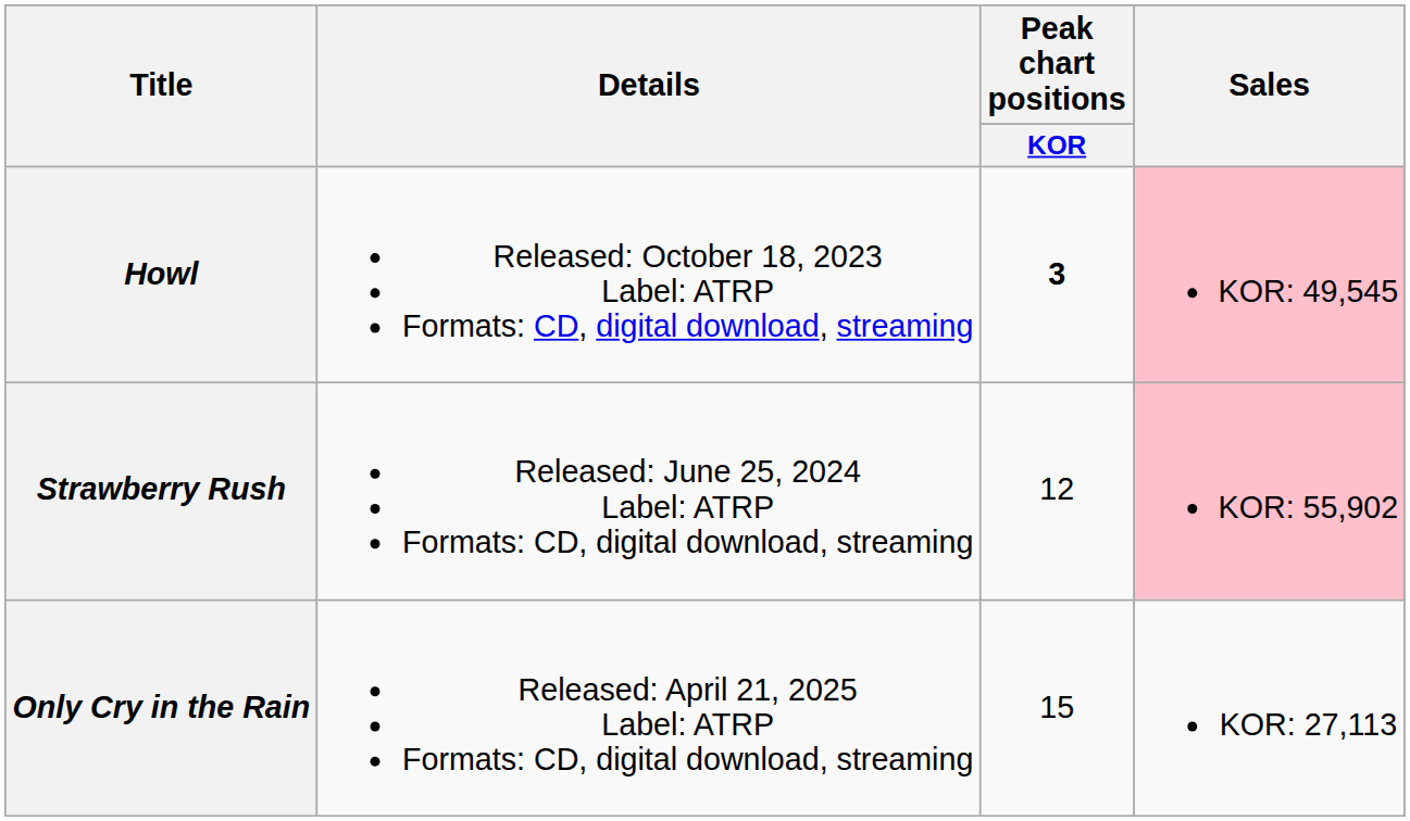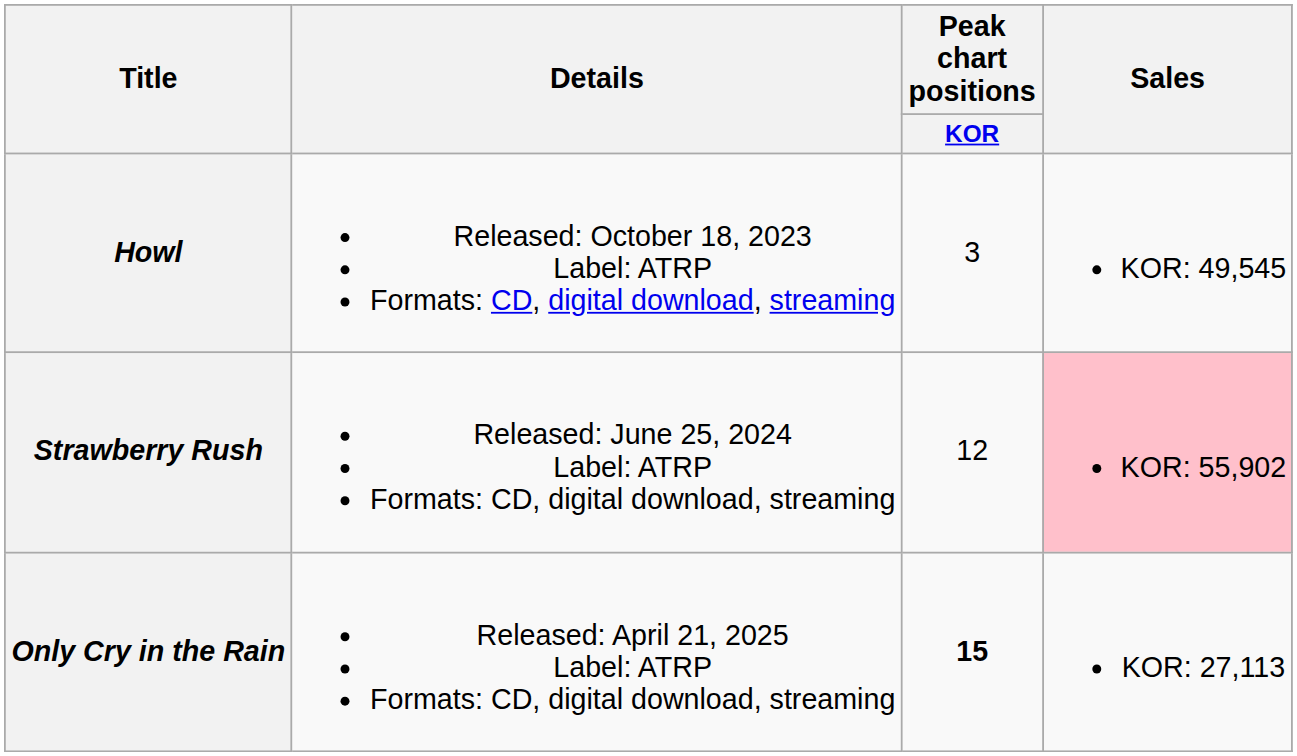 <table class="wikitable plainrowheaders" style="text-align:center">
 <tr>
 <th scope="col" rowspan="2">Title</th>
 <th scope="col" rowspan="2">Details</th>
 <th scope="col" colspan="1">Peak chart positions</th>
 <th scope="col" rowspan="2">Sales</th>
 </tr>
 <tr>
 <th scope="col" style="width:4em;font-size:85%"><a href='#'>KOR</a><br></th>
 </tr>
 <tr>
 <th scope="row"><em>Howl</em></th>
 <td><br><ul><li>Released: October 18, 2023</li><li>Label: ATRP</li><li>Formats: <a href='#'>CD</a>, <a href='#'>digital download</a>, <a href='#'>streaming</a></li></ul></td>
-<td><strong>3</strong></td>
-<td style="background: pink;"><br><ul><li>KOR: 49,545</li></ul></td>
+<td>3</td>
+<td><br><ul><li>KOR: 49,545</li></ul></td>
 </tr>
 <tr>
 <th scope="row"><em>Strawberry Rush</em></th>
 <td><br><ul><li>Released: June 25, 2024</li><li>Label: ATRP</li><li>Formats: CD, digital download, streaming</li></ul></td>
 <td>12</td>
 <td style="background: pink;"><br><ul><li>KOR: 55,902</li></ul></td>
 </tr>
 <tr>
 <th scope="row"><em>Only Cry in the Rain</em></th>
 <td><br><ul><li>Released: April 21, 2025</li><li>Label: ATRP</li><li>Formats: CD, digital download, streaming</li></ul></td>
-<td>15</td>
+<td><strong>15</strong></td>
 <td><br><ul><li>KOR: 27,113</li></ul></td>
 </tr>
 </table>
